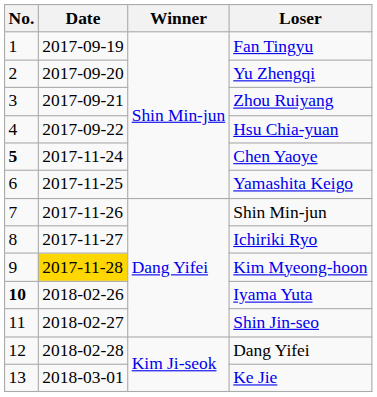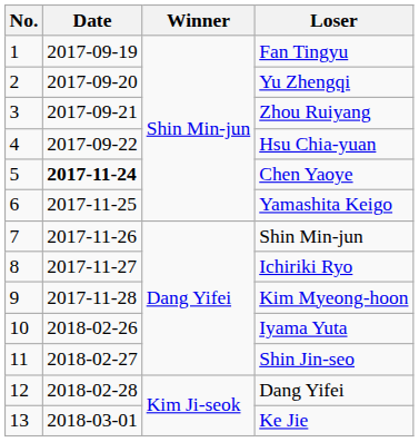 <table class="wikitable">
 <tr>
 <th>No.</th>
 <th>Date</th>
 <th>Winner</th>
 <th>Loser</th>
 </tr>
 <tr>
 <td>1</td>
 <td>2017-09-19</td>
 <td rowspan=6> <a href='#'>Shin Min-jun</a></td>
 <td> <a href='#'>Fan Tingyu</a></td>
 </tr>
 <tr>
 <td>2</td>
 <td>2017-09-20</td>
 <td> <a href='#'>Yu Zhengqi</a></td>
 </tr>
 <tr>
 <td>3</td>
 <td>2017-09-21</td>
 <td> <a href='#'>Zhou Ruiyang</a></td>
 </tr>
 <tr>
 <td>4</td>
 <td>2017-09-22</td>
 <td> <a href='#'>Hsu Chia-yuan</a></td>
 </tr>
 <tr>
-<td><strong>5</strong></td>
-<td>2017-11-24</td>
+<td>5</td>
+<td><strong>2017-11-24</strong></td>
 <td> <a href='#'>Chen Yaoye</a></td>
 </tr>
 <tr>
 <td>6</td>
 <td>2017-11-25</td>
 <td> <a href='#'>Yamashita Keigo</a></td>
 </tr>
 <tr>
 <td>7</td>
 <td>2017-11-26</td>
 <td rowspan=5> <a href='#'>Dang Yifei</a></td>
 <td> Shin Min-jun</td>
 </tr>
 <tr>
 <td>8</td>
 <td>2017-11-27</td>
 <td> <a href='#'>Ichiriki Ryo</a></td>
 </tr>
 <tr>
 <td>9</td>
-<td style="background: gold;">2017-11-28</td>
+<td>2017-11-28</td>
 <td> <a href='#'>Kim Myeong-hoon</a></td>
 </tr>
 <tr>
-<td><strong>10</strong></td>
+<td>10</td>
 <td>2018-02-26</td>
 <td> <a href='#'>Iyama Yuta</a></td>
 </tr>
 <tr>
 <td>11</td>
 <td>2018-02-27</td>
 <td> <a href='#'>Shin Jin-seo</a></td>
 </tr>
 <tr>
 <td>12</td>
 <td>2018-02-28</td>
 <td rowspan=2> <a href='#'>Kim Ji-seok</a></td>
 <td> Dang Yifei</td>
 </tr>
 <tr>
 <td>13</td>
 <td>2018-03-01</td>
 <td> <a href='#'>Ke Jie</a></td>
 </tr>
 </table>
